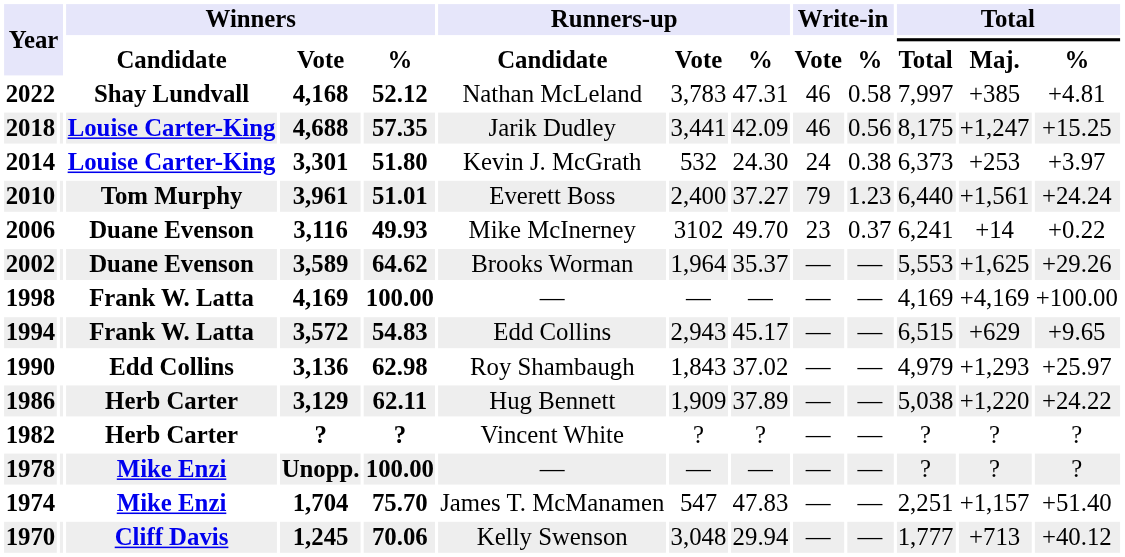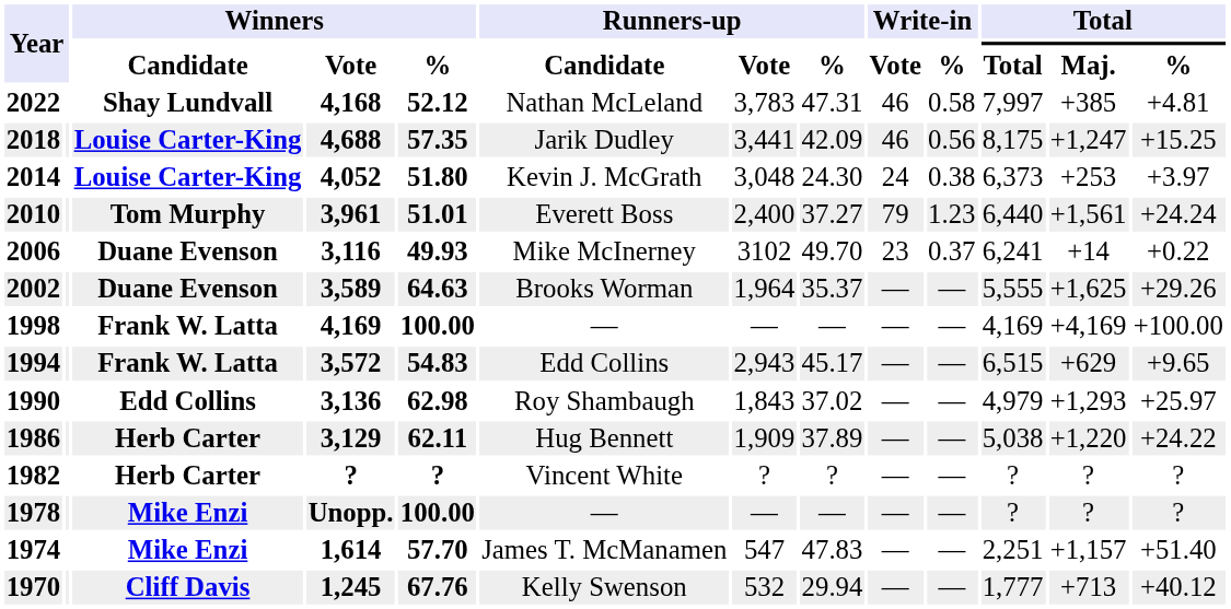 <table class="toccolours sortable" style="text-align:center;">
 <tr style="background:lavender">
 <th rowspan="3" colspan="2">Year</th>
 <th colspan=3>Winners</th>
 <th colspan=3>Runners-up</th>
 <th colspan=2>Write-in</th>
 <th colspan=3>Total</th>
 </tr>
 <tr>
 <th colspan=6 style="background-color:"></th>
 <th colspan=2 style="background-color:#ffffff"></th>
 <th colspan=3 style="background-color:#000000"></th>
 </tr>
 <tr>
 <th align="center">Candidate</th>
 <th align="center">Vote</th>
 <th align="center">%</th>
 <th align="center">Candidate</th>
 <th align="center">Vote</th>
 <th align="center">%</th>
 <th align="center">Vote</th>
 <th align="center">%</th>
 <th align="center">Total</th>
 <th align="center">Maj.</th>
 <th align="center">%</th>
 </tr>
 <tr>
 <th>2022</th>
 <th style="background-color:"></th>
 <td><strong>Shay Lundvall</strong></td>
 <td><strong>4,168</strong></td>
 <td><strong>52.12</strong></td>
 <td>Nathan McLeland</td>
 <td>3,783</td>
 <td>47.31</td>
 <td>46</td>
 <td>0.58</td>
 <td>7,997</td>
 <td>+385</td>
 <td>+4.81</td>
 </tr>
 <tr style="background:#EEEEEE;">
 <th>2018</th>
 <th style="background-color:"></th>
 <td><strong><a href='#'>Louise Carter-King</a></strong></td>
 <td><strong>4,688</strong></td>
 <td><strong>57.35</strong></td>
 <td>Jarik Dudley</td>
 <td>3,441</td>
 <td>42.09</td>
 <td>46</td>
 <td>0.56</td>
 <td>8,175</td>
 <td>+1,247</td>
 <td>+15.25</td>
 </tr>
 <tr>
 <th>2014</th>
 <th style="background-color:"></th>
 <td><strong><a href='#'>Louise Carter-King</a></strong></td>
-<td><strong>3,301</strong></td>
+<td><strong>4,052</strong></td>
 <td><strong>51.80</strong></td>
 <td>Kevin J. McGrath</td>
-<td>532</td>
+<td>3,048</td>
 <td>24.30</td>
 <td>24</td>
 <td>0.38</td>
 <td>6,373</td>
 <td>+253</td>
 <td>+3.97</td>
 </tr>
 <tr style="background:#EEEEEE;">
 <th>2010</th>
 <th style="background-color:"></th>
 <td><strong>Tom Murphy</strong></td>
 <td><strong>3,961</strong></td>
 <td><strong>51.01</strong></td>
 <td>Everett Boss</td>
 <td>2,400</td>
 <td>37.27</td>
 <td>79</td>
 <td>1.23</td>
 <td>6,440</td>
 <td>+1,561</td>
 <td>+24.24</td>
 </tr>
 <tr>
 <th>2006</th>
 <th style="background-color:"></th>
 <td><strong>Duane Evenson</strong></td>
 <td><strong>3,116</strong></td>
 <td><strong>49.93</strong></td>
 <td>Mike McInerney</td>
 <td>3102</td>
 <td>49.70</td>
 <td>23</td>
 <td>0.37</td>
 <td>6,241</td>
 <td>+14</td>
 <td>+0.22</td>
 </tr>
 <tr style="background:#EEEEEE;">
 <th>2002</th>
 <th style="background-color:"></th>
 <td><strong>Duane Evenson</strong></td>
 <td><strong>3,589</strong></td>
-<td><strong>64.62</strong></td>
+<td><strong>64.63</strong></td>
 <td>Brooks Worman</td>
 <td>1,964</td>
 <td>35.37</td>
 <td>—</td>
 <td>—</td>
-<td>5,553</td>
+<td>5,555</td>
 <td>+1,625</td>
 <td>+29.26</td>
 </tr>
 <tr>
 <th>1998</th>
 <th style="background-color:"></th>
 <td><strong>Frank W. Latta</strong></td>
 <td><strong>4,169</strong></td>
 <td><strong>100.00</strong></td>
 <td>—</td>
 <td>—</td>
 <td>—</td>
 <td>—</td>
 <td>—</td>
 <td>4,169</td>
 <td>+4,169</td>
 <td>+100.00</td>
 </tr>
 <tr style="background:#EEEEEE;">
 <th>1994</th>
 <th style="background-color:"></th>
 <td><strong>Frank W. Latta</strong></td>
 <td><strong>3,572</strong></td>
 <td><strong>54.83</strong></td>
 <td>Edd Collins</td>
 <td>2,943</td>
 <td>45.17</td>
 <td>—</td>
 <td>—</td>
 <td>6,515</td>
 <td>+629</td>
 <td>+9.65</td>
 </tr>
 <tr>
 <th>1990</th>
 <th style="background-color:"></th>
 <td><strong>Edd Collins</strong></td>
 <td><strong>3,136</strong></td>
 <td><strong>62.98</strong></td>
 <td>Roy Shambaugh</td>
 <td>1,843</td>
 <td>37.02</td>
 <td>—</td>
 <td>—</td>
 <td>4,979</td>
 <td>+1,293</td>
 <td>+25.97</td>
 </tr>
 <tr style="background:#EEEEEE;">
 <th>1986</th>
 <th style="background-color:"></th>
 <td><strong>Herb Carter</strong></td>
 <td><strong>3,129</strong></td>
 <td><strong>62.11</strong></td>
 <td>Hug Bennett</td>
 <td>1,909</td>
 <td>37.89</td>
 <td>—</td>
 <td>—</td>
 <td>5,038</td>
 <td>+1,220</td>
 <td>+24.22</td>
 </tr>
 <tr>
 <th>1982</th>
 <th style="background-color:"></th>
 <td><strong>Herb Carter</strong></td>
 <td><strong>?</strong></td>
 <td><strong>?</strong></td>
 <td>Vincent White</td>
 <td>?</td>
 <td>?</td>
 <td>—</td>
 <td>—</td>
 <td>?</td>
 <td>?</td>
 <td>?</td>
 </tr>
 <tr style="background:#EEEEEE;">
 <th>1978</th>
 <th style="background-color:"></th>
 <td><strong><a href='#'>Mike Enzi</a></strong></td>
 <td><strong>Unopp.</strong></td>
 <td><strong>100.00</strong></td>
 <td>—</td>
 <td>—</td>
 <td>—</td>
 <td>—</td>
 <td>—</td>
 <td>?</td>
 <td>?</td>
 <td>?</td>
 </tr>
 <tr>
 <th>1974</th>
 <th style="background-color:"></th>
 <td><strong><a href='#'>Mike Enzi</a></strong></td>
-<td><strong>1,704</strong></td>
-<td><strong>75.70</strong></td>
+<td><strong>1,614</strong></td>
+<td><strong>57.70</strong></td>
 <td>James T. McManamen</td>
 <td>547</td>
 <td>47.83</td>
 <td>—</td>
 <td>—</td>
 <td>2,251</td>
 <td>+1,157</td>
 <td>+51.40</td>
 </tr>
 <tr style="background:#EEEEEE;">
 <th>1970</th>
 <th style="background-color:"></th>
 <td><strong><a href='#'>Cliff Davis</a></strong></td>
 <td><strong>1,245</strong></td>
-<td><strong>70.06</strong></td>
+<td><strong>67.76</strong></td>
 <td>Kelly Swenson</td>
-<td>3,048</td>
+<td>532</td>
 <td>29.94</td>
 <td>—</td>
 <td>—</td>
 <td>1,777</td>
 <td>+713</td>
 <td>+40.12</td>
 </tr>
 </table>
